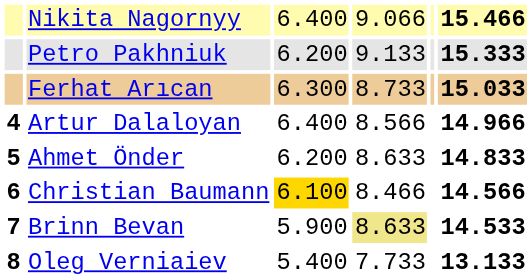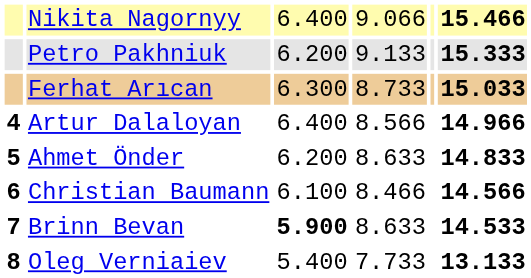 <table>
 <tr style="background:#fffcaf;">
 <th scope=row style="text-align:center"></th>
 <td style="text-align:left"> <a href='#'>Nikita Nagornyy</a></td>
 <td>6.400</td>
 <td>9.066</td>
 <td></td>
 <td><strong>15.466</strong></td>
 </tr>
 <tr style="background:#e5e5e5;">
 <th scope=row style="text-align:center"></th>
 <td style="text-align:left"> <a href='#'>Petro Pakhniuk</a></td>
 <td>6.200</td>
 <td>9.133</td>
 <td></td>
 <td><strong>15.333</strong></td>
 </tr>
 <tr style="background:#ec9;">
 <th scope=row style="text-align:center"></th>
 <td style="text-align:left"> <a href='#'>Ferhat Arıcan</a></td>
 <td>6.300</td>
 <td>8.733</td>
 <td></td>
 <td><strong>15.033</strong></td>
 </tr>
 <tr>
 <th scope=row style="text-align:center">4</th>
 <td style="text-align:left"> <a href='#'>Artur Dalaloyan</a></td>
 <td>6.400</td>
 <td>8.566</td>
 <td></td>
 <td><strong>14.966</strong></td>
 </tr>
 <tr>
 <th scope=row style="text-align:center">5</th>
 <td style="text-align:left"> <a href='#'>Ahmet Önder</a></td>
 <td>6.200</td>
 <td>8.633</td>
 <td></td>
 <td><strong>14.833</strong></td>
 </tr>
 <tr>
 <th scope=row style="text-align:center">6</th>
 <td style="text-align:left"> <a href='#'>Christian Baumann</a></td>
-<td style="background: gold;">6.100</td>
+<td>6.100</td>
 <td>8.466</td>
 <td></td>
 <td><strong>14.566</strong></td>
 </tr>
 <tr>
 <th scope=row style="text-align:center">7</th>
 <td style="text-align:left"> <a href='#'>Brinn Bevan</a></td>
-<td>5.900</td>
-<td style="background: khaki;">8.633</td>
+<td><strong>5.900</strong></td>
+<td>8.633</td>
 <td></td>
 <td><strong>14.533</strong></td>
 </tr>
 <tr>
 <th scope=row style="text-align:center">8</th>
 <td style="text-align:left"> <a href='#'>Oleg Verniaiev</a></td>
 <td>5.400</td>
 <td>7.733</td>
 <td></td>
 <td><strong>13.133</strong></td>
 </tr>
 </table>
